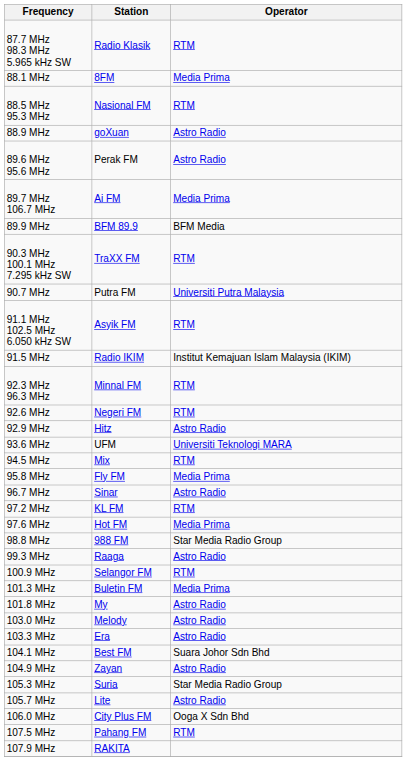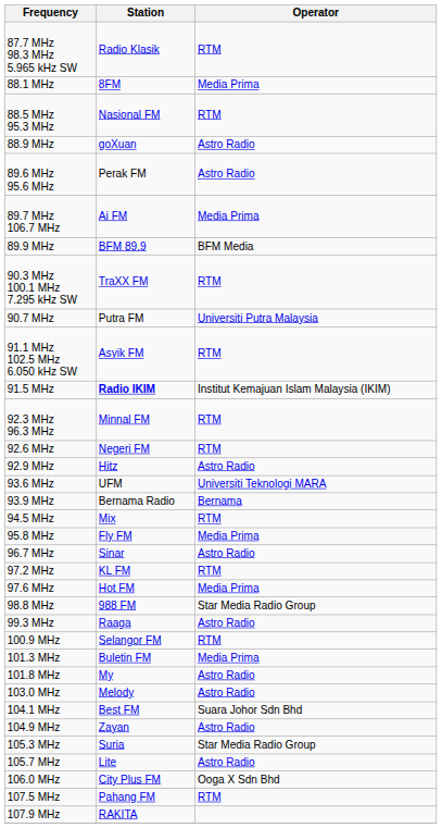 <table class="wikitable sortable mw-collapsible mw-collapsed" style="width: 50%;">
 <tr>
 <th>Frequency</th>
 <th>Station</th>
 <th>Operator</th>
 </tr>
 <tr>
 <td><br>87.7 MHz<br> 98.3 MHz<br> 5.965 kHz SW</td>
 <td><a href='#'>Radio Klasik</a></td>
 <td><a href='#'>RTM</a></td>
 </tr>
 <tr>
 <td>88.1 MHz</td>
 <td><a href='#'>8FM</a></td>
 <td><a href='#'>Media Prima</a></td>
 </tr>
 <tr>
 <td><br>88.5 MHz<br> 95.3 MHz</td>
 <td><a href='#'>Nasional FM</a></td>
 <td><a href='#'>RTM</a></td>
 </tr>
 <tr>
 <td>88.9 MHz</td>
 <td><a href='#'>goXuan</a></td>
 <td><a href='#'>Astro Radio</a></td>
 </tr>
 <tr>
 <td><br>89.6 MHz<br> 95.6 MHz</td>
 <td>Perak FM</td>
 <td><a href='#'>Astro Radio</a></td>
 </tr>
 <tr>
 <td><br>89.7 MHz<br> 106.7 MHz</td>
 <td><a href='#'>Ai FM</a></td>
 <td><a href='#'>Media Prima</a></td>
 </tr>
 <tr>
 <td>89.9 MHz</td>
 <td><a href='#'>BFM 89.9</a></td>
 <td>BFM Media</td>
 </tr>
 <tr>
 <td><br>90.3 MHz<br> 100.1 MHz<br> 7.295 kHz SW</td>
 <td><a href='#'>TraXX FM</a></td>
 <td><a href='#'>RTM</a></td>
 </tr>
 <tr>
 <td>90.7 MHz</td>
 <td>Putra FM</td>
 <td><a href='#'>Universiti Putra Malaysia</a></td>
 </tr>
 <tr>
 <td><br>91.1 MHz<br> 102.5 MHz<br> 6.050 kHz SW</td>
 <td><a href='#'>Asyik FM</a></td>
 <td><a href='#'>RTM</a></td>
 </tr>
 <tr>
 <td>91.5 MHz</td>
-<td><a href='#'>Radio IKIM</a></td>
+<td><strong><a href='#'>Radio IKIM</a></strong></td>
 <td>Institut Kemajuan Islam Malaysia (IKIM)</td>
 </tr>
 <tr>
 <td><br>92.3 MHz<br> 96.3 MHz</td>
 <td><a href='#'>Minnal FM</a></td>
 <td><a href='#'>RTM</a></td>
 </tr>
 <tr>
 <td>92.6 MHz</td>
 <td><a href='#'>Negeri FM</a></td>
 <td><a href='#'>RTM</a></td>
 </tr>
 <tr>
 <td>92.9 MHz</td>
 <td><a href='#'>Hitz</a></td>
 <td><a href='#'>Astro Radio</a></td>
 </tr>
 <tr>
 <td>93.6 MHz</td>
 <td>UFM</td>
 <td><a href='#'>Universiti Teknologi MARA</a></td>
+</tr>
+<tr>
+<td>93.9 MHz</td>
+<td>Bernama Radio</td>
+<td><a href='#'>Bernama</a></td>
 </tr>
 <tr>
 <td>94.5 MHz</td>
 <td><a href='#'>Mix</a></td>
 <td><a href='#'>RTM</a></td>
 </tr>
 <tr>
 <td>95.8 MHz</td>
 <td><a href='#'>Fly FM</a></td>
 <td><a href='#'>Media Prima</a></td>
 </tr>
 <tr>
 <td>96.7 MHz</td>
 <td><a href='#'>Sinar</a></td>
 <td><a href='#'>Astro Radio</a></td>
 </tr>
 <tr>
 <td>97.2 MHz</td>
 <td><a href='#'>KL FM</a></td>
 <td><a href='#'>RTM</a></td>
 </tr>
 <tr>
 <td>97.6 MHz</td>
 <td><a href='#'>Hot FM</a></td>
 <td><a href='#'>Media Prima</a></td>
 </tr>
 <tr>
 <td>98.8 MHz</td>
 <td><a href='#'>988 FM</a></td>
 <td>Star Media Radio Group</td>
 </tr>
 <tr>
 <td>99.3 MHz</td>
 <td><a href='#'>Raaga</a></td>
 <td><a href='#'>Astro Radio</a></td>
 </tr>
 <tr>
 <td>100.9 MHz</td>
 <td><a href='#'>Selangor FM</a></td>
 <td><a href='#'>RTM</a></td>
 </tr>
 <tr>
 <td>101.3 MHz</td>
 <td><a href='#'>Buletin FM</a></td>
 <td><a href='#'>Media Prima</a></td>
 </tr>
 <tr>
 <td>101.8 MHz</td>
 <td><a href='#'>My</a></td>
 <td><a href='#'>Astro Radio</a></td>
 </tr>
 <tr>
 <td>103.0 MHz</td>
 <td><a href='#'>Melody</a></td>
 <td><a href='#'>Astro Radio</a></td>
 </tr>
 <tr>
-<td>103.3 MHz</td>
-<td><a href='#'>Era</a></td>
-<td><a href='#'>Astro Radio</a></td>
-</tr>
-<tr>
 <td>104.1 MHz</td>
 <td><a href='#'>Best FM</a></td>
 <td>Suara Johor Sdn Bhd</td>
 </tr>
 <tr>
 <td>104.9 MHz</td>
 <td><a href='#'>Zayan</a></td>
 <td><a href='#'>Astro Radio</a></td>
 </tr>
 <tr>
 <td>105.3 MHz</td>
 <td><a href='#'>Suria</a></td>
 <td>Star Media Radio Group</td>
 </tr>
 <tr>
 <td>105.7 MHz</td>
 <td><a href='#'>Lite</a></td>
 <td><a href='#'>Astro Radio</a></td>
 </tr>
 <tr>
 <td>106.0 MHz</td>
 <td><a href='#'>City Plus FM</a></td>
 <td>Ooga X Sdn Bhd</td>
 </tr>
 <tr>
 <td>107.5 MHz</td>
 <td><a href='#'>Pahang FM</a></td>
 <td><a href='#'>RTM</a></td>
 </tr>
 <tr>
 <td>107.9 MHz</td>
 <td><a href='#'>RAKITA</a></td>
 <td></td>
 </tr>
 <tr>
 </tr>
 </table>
